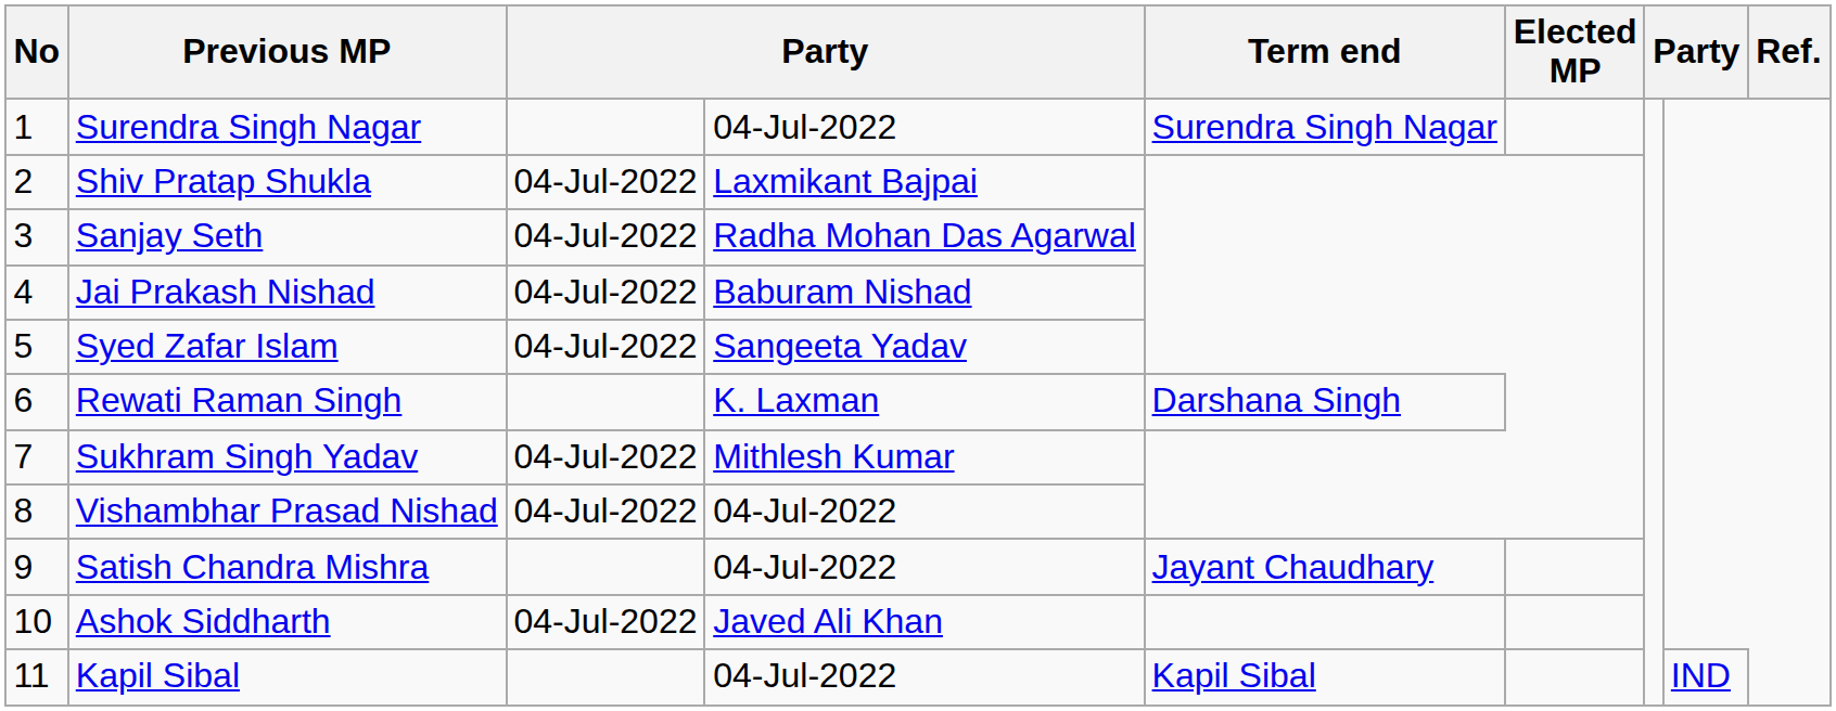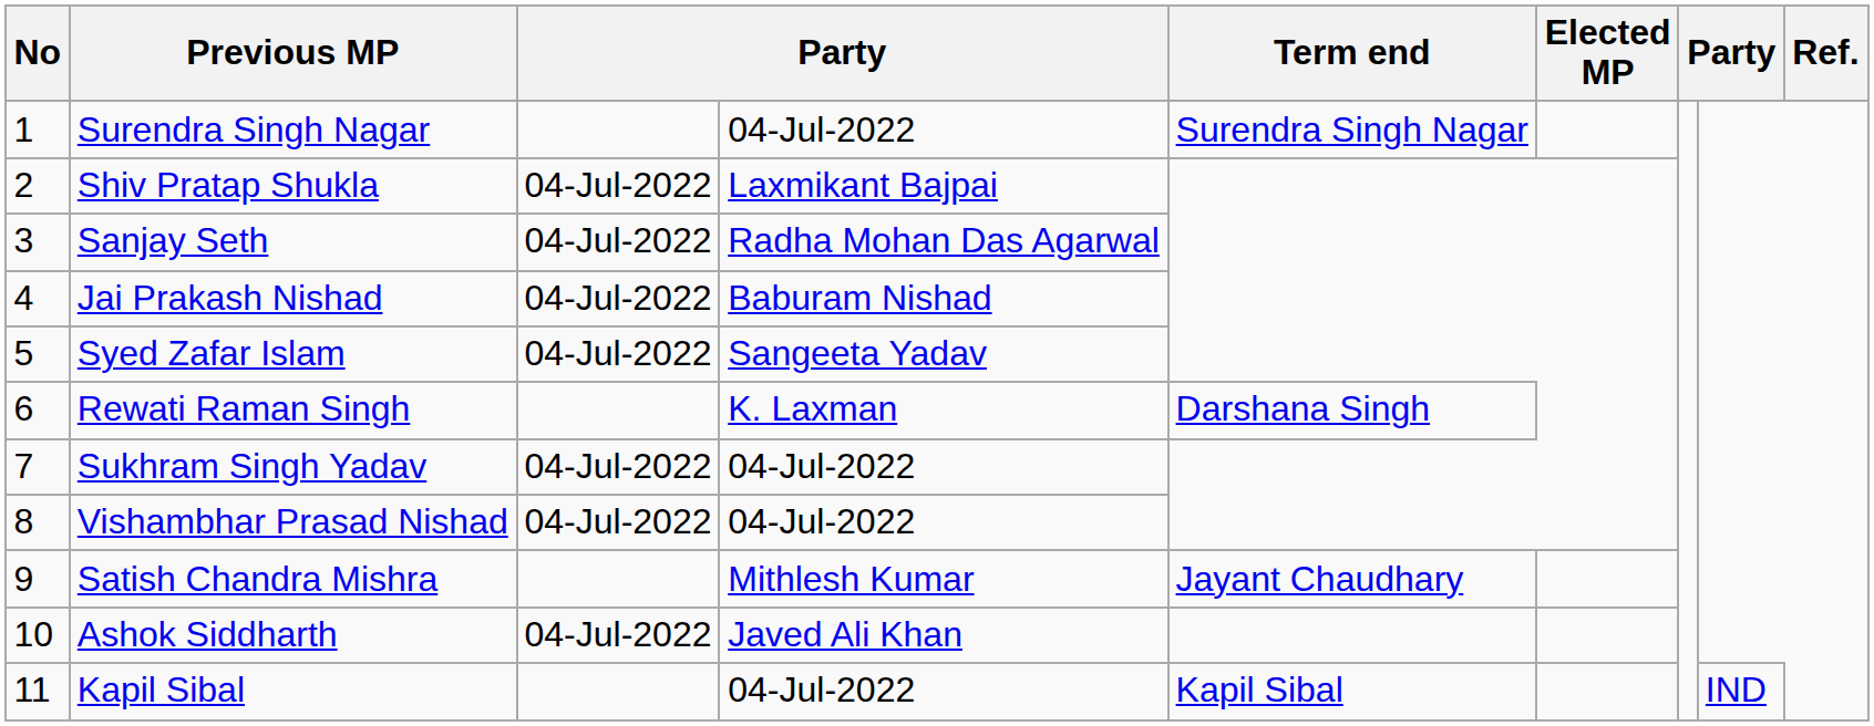 <table class="wikitable sortable">
 <tr>
 <th>No</th>
 <th>Previous MP</th>
 <th colspan="2">Party</th>
 <th>Term end</th>
 <th>Elected MP</th>
 <th colspan="2">Party</th>
 <th>Ref.</th>
 </tr>
 <tr>
 <td>1</td>
 <td><a href='#'>Surendra Singh Nagar</a></td>
 <td></td>
 <td>04-Jul-2022</td>
 <td><a href='#'>Surendra Singh Nagar</a></td>
 <td></td>
 <td rowspan="11"></td>
 </tr>
 <tr>
 <td>2</td>
 <td><a href='#'>Shiv Pratap Shukla</a></td>
 <td>04-Jul-2022</td>
 <td><a href='#'>Laxmikant Bajpai</a></td>
 </tr>
 <tr>
 <td>3</td>
 <td><a href='#'>Sanjay Seth</a></td>
 <td>04-Jul-2022</td>
 <td><a href='#'>Radha Mohan Das Agarwal</a></td>
 </tr>
 <tr>
 <td>4</td>
 <td><a href='#'>Jai Prakash Nishad</a></td>
 <td>04-Jul-2022</td>
 <td><a href='#'>Baburam Nishad</a></td>
 </tr>
 <tr>
 <td>5</td>
 <td><a href='#'>Syed Zafar Islam</a></td>
 <td>04-Jul-2022</td>
 <td><a href='#'>Sangeeta Yadav</a></td>
 </tr>
 <tr>
 <td>6</td>
 <td><a href='#'>Rewati Raman Singh</a></td>
 <td></td>
 <td><a href='#'>K. Laxman</a></td>
 <td><a href='#'>Darshana Singh</a></td>
 </tr>
 <tr>
 <td>7</td>
 <td><a href='#'>Sukhram Singh Yadav</a></td>
 <td>04-Jul-2022</td>
-<td><a href='#'>Mithlesh Kumar</a></td>
+<td>04-Jul-2022</td>
 </tr>
 <tr>
 <td>8</td>
 <td><a href='#'>Vishambhar Prasad Nishad</a></td>
 <td>04-Jul-2022</td>
 <td>04-Jul-2022</td>
 </tr>
 <tr>
 <td>9</td>
 <td><a href='#'>Satish Chandra Mishra</a></td>
 <td></td>
-<td>04-Jul-2022</td>
+<td><a href='#'>Mithlesh Kumar</a></td>
 <td><a href='#'>Jayant Chaudhary</a></td>
 <td></td>
 </tr>
 <tr>
 <td>10</td>
 <td><a href='#'>Ashok Siddharth</a></td>
 <td>04-Jul-2022</td>
 <td><a href='#'>Javed Ali Khan</a></td>
 <td></td>
 </tr>
 <tr>
 <td>11</td>
 <td><a href='#'>Kapil Sibal</a></td>
 <td></td>
 <td>04-Jul-2022</td>
 <td><a href='#'>Kapil Sibal</a></td>
 <td width="1px"></td>
 <td><a href='#'>IND</a></td>
 </tr>
 <tr>
 </tr>
 </table>
